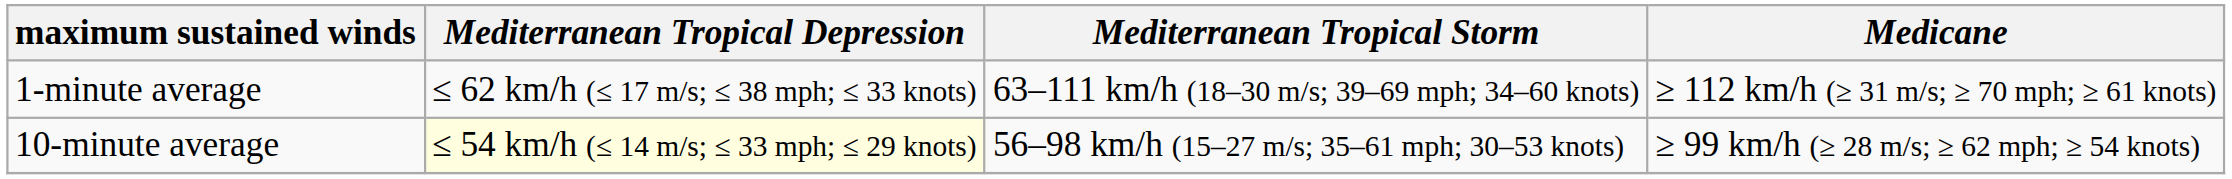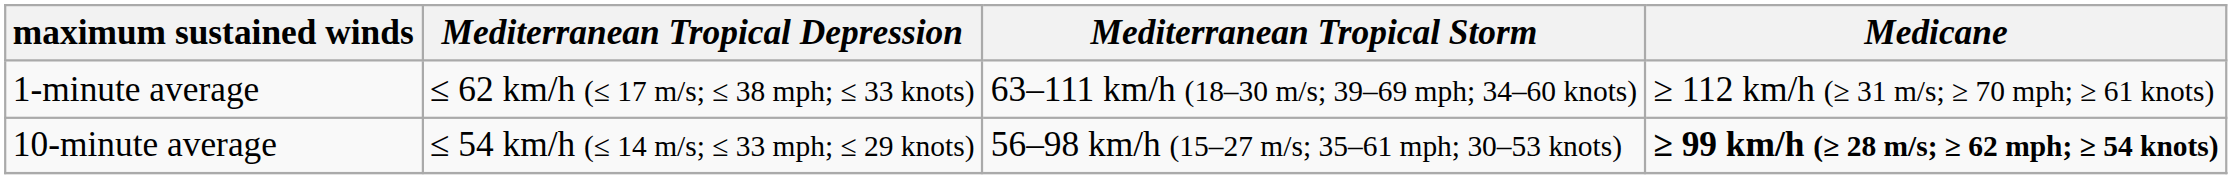 <table class="wikitable" align="center" style="margin:auto;">
 <tr bgcolor="#eeeeee">
 <th>maximum sustained winds</th>
 <th><em>Mediterranean Tropical Depression</em></th>
 <th><em>Mediterranean Tropical Storm</em></th>
 <th><em>Medicane</em></th>
 </tr>
 <tr>
 <td>1-minute average</td>
 <td>≤ 62 km/h <small>(≤ 17 m/s; ≤ 38 mph; ≤ 33 knots)</small></td>
 <td>63–111 km/h <small>(18–30 m/s; 39–69 mph; 34–60 knots)</small></td>
 <td>≥ 112 km/h <small>(≥ 31 m/s; ≥ 70 mph; ≥ 61 knots)</small></td>
 </tr>
 <tr>
 <td>10-minute average</td>
-<td style="background: lightyellow;">≤ 54 km/h <small>(≤ 14 m/s; ≤ 33 mph; ≤ 29 knots)</small></td>
+<td>≤ 54 km/h <small>(≤ 14 m/s; ≤ 33 mph; ≤ 29 knots)</small></td>
 <td>56–98 km/h <small>(15–27 m/s; 35–61 mph; 30–53 knots)</small></td>
-<td>≥ 99 km/h <small>(≥ 28 m/s; ≥ 62 mph; ≥ 54 knots)</small></td>
+<td><strong>≥ 99 km/h <small>(≥ 28 m/s; ≥ 62 mph; ≥ 54 knots)</small></strong></td>
 </tr>
 <tr>
 </tr>
 </table>
